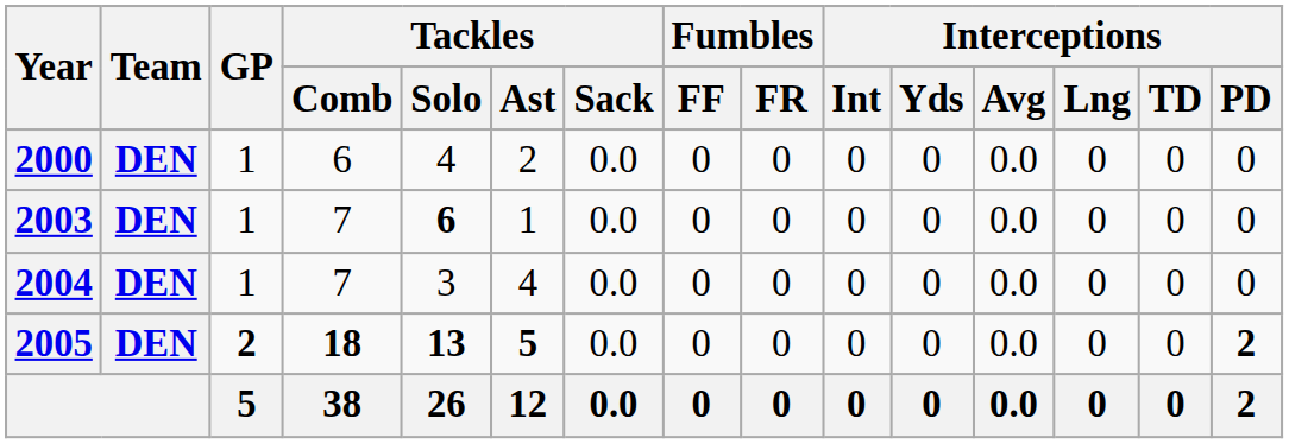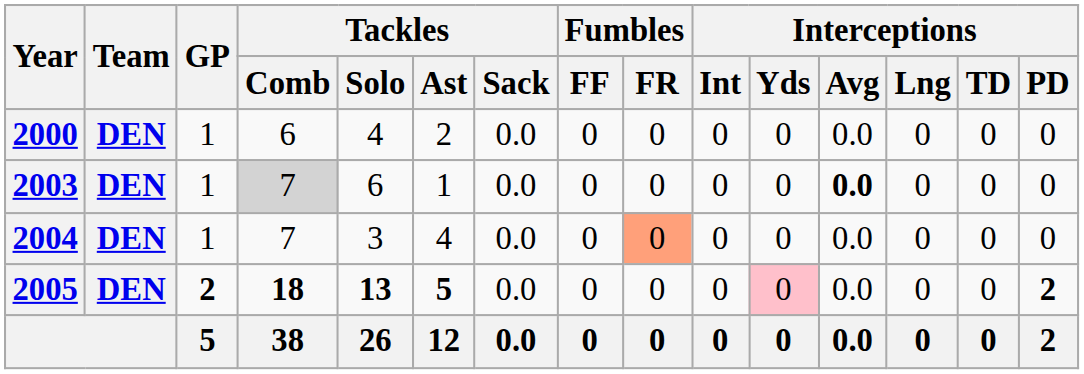 <table class="wikitable" style="text-align:center">
 <tr>
 <th rowspan="2">Year</th>
 <th rowspan="2">Team</th>
 <th rowspan="2">GP</th>
 <th colspan="4">Tackles</th>
 <th colspan="2">Fumbles</th>
 <th colspan="6">Interceptions</th>
 </tr>
 <tr>
 <th>Comb</th>
 <th>Solo</th>
 <th>Ast</th>
 <th>Sack</th>
 <th>FF</th>
 <th>FR</th>
 <th>Int</th>
 <th>Yds</th>
 <th>Avg</th>
 <th>Lng</th>
 <th>TD</th>
 <th>PD</th>
 </tr>
 <tr>
 <th><a href='#'>2000</a></th>
 <th><a href='#'>DEN</a></th>
 <td>1</td>
 <td>6</td>
 <td>4</td>
 <td>2</td>
 <td>0.0</td>
 <td>0</td>
 <td>0</td>
 <td>0</td>
 <td>0</td>
 <td>0.0</td>
 <td>0</td>
 <td>0</td>
 <td>0</td>
 </tr>
 <tr>
 <th><a href='#'>2003</a></th>
 <th><a href='#'>DEN</a></th>
 <td>1</td>
-<td>7</td>
-<td><strong>6</strong></td>
+<td style="background: lightgrey;">7</td>
+<td>6</td>
 <td>1</td>
 <td>0.0</td>
 <td>0</td>
 <td>0</td>
 <td>0</td>
 <td>0</td>
-<td>0.0</td>
+<td><strong>0.0</strong></td>
 <td>0</td>
 <td>0</td>
 <td>0</td>
 </tr>
 <tr>
 <th><a href='#'>2004</a></th>
 <th><a href='#'>DEN</a></th>
 <td>1</td>
 <td>7</td>
 <td>3</td>
 <td>4</td>
 <td>0.0</td>
 <td>0</td>
-<td>0</td>
+<td style="background: lightsalmon;">0</td>
 <td>0</td>
 <td>0</td>
 <td>0.0</td>
 <td>0</td>
 <td>0</td>
 <td>0</td>
 </tr>
 <tr>
 <th><a href='#'>2005</a></th>
 <th><a href='#'>DEN</a></th>
 <td><strong>2</strong></td>
 <td><strong>18</strong></td>
 <td><strong>13</strong></td>
 <td><strong>5</strong></td>
 <td>0.0</td>
 <td>0</td>
 <td>0</td>
 <td>0</td>
-<td>0</td>
+<td style="background: pink;">0</td>
 <td>0.0</td>
 <td>0</td>
 <td>0</td>
 <td><strong>2</strong></td>
 </tr>
 <tr>
 <th colspan="2"></th>
 <th>5</th>
 <th>38</th>
 <th>26</th>
 <th>12</th>
 <th>0.0</th>
 <th>0</th>
 <th>0</th>
 <th>0</th>
 <th>0</th>
 <th>0.0</th>
 <th>0</th>
 <th>0</th>
 <th>2</th>
 </tr>
 </table>
